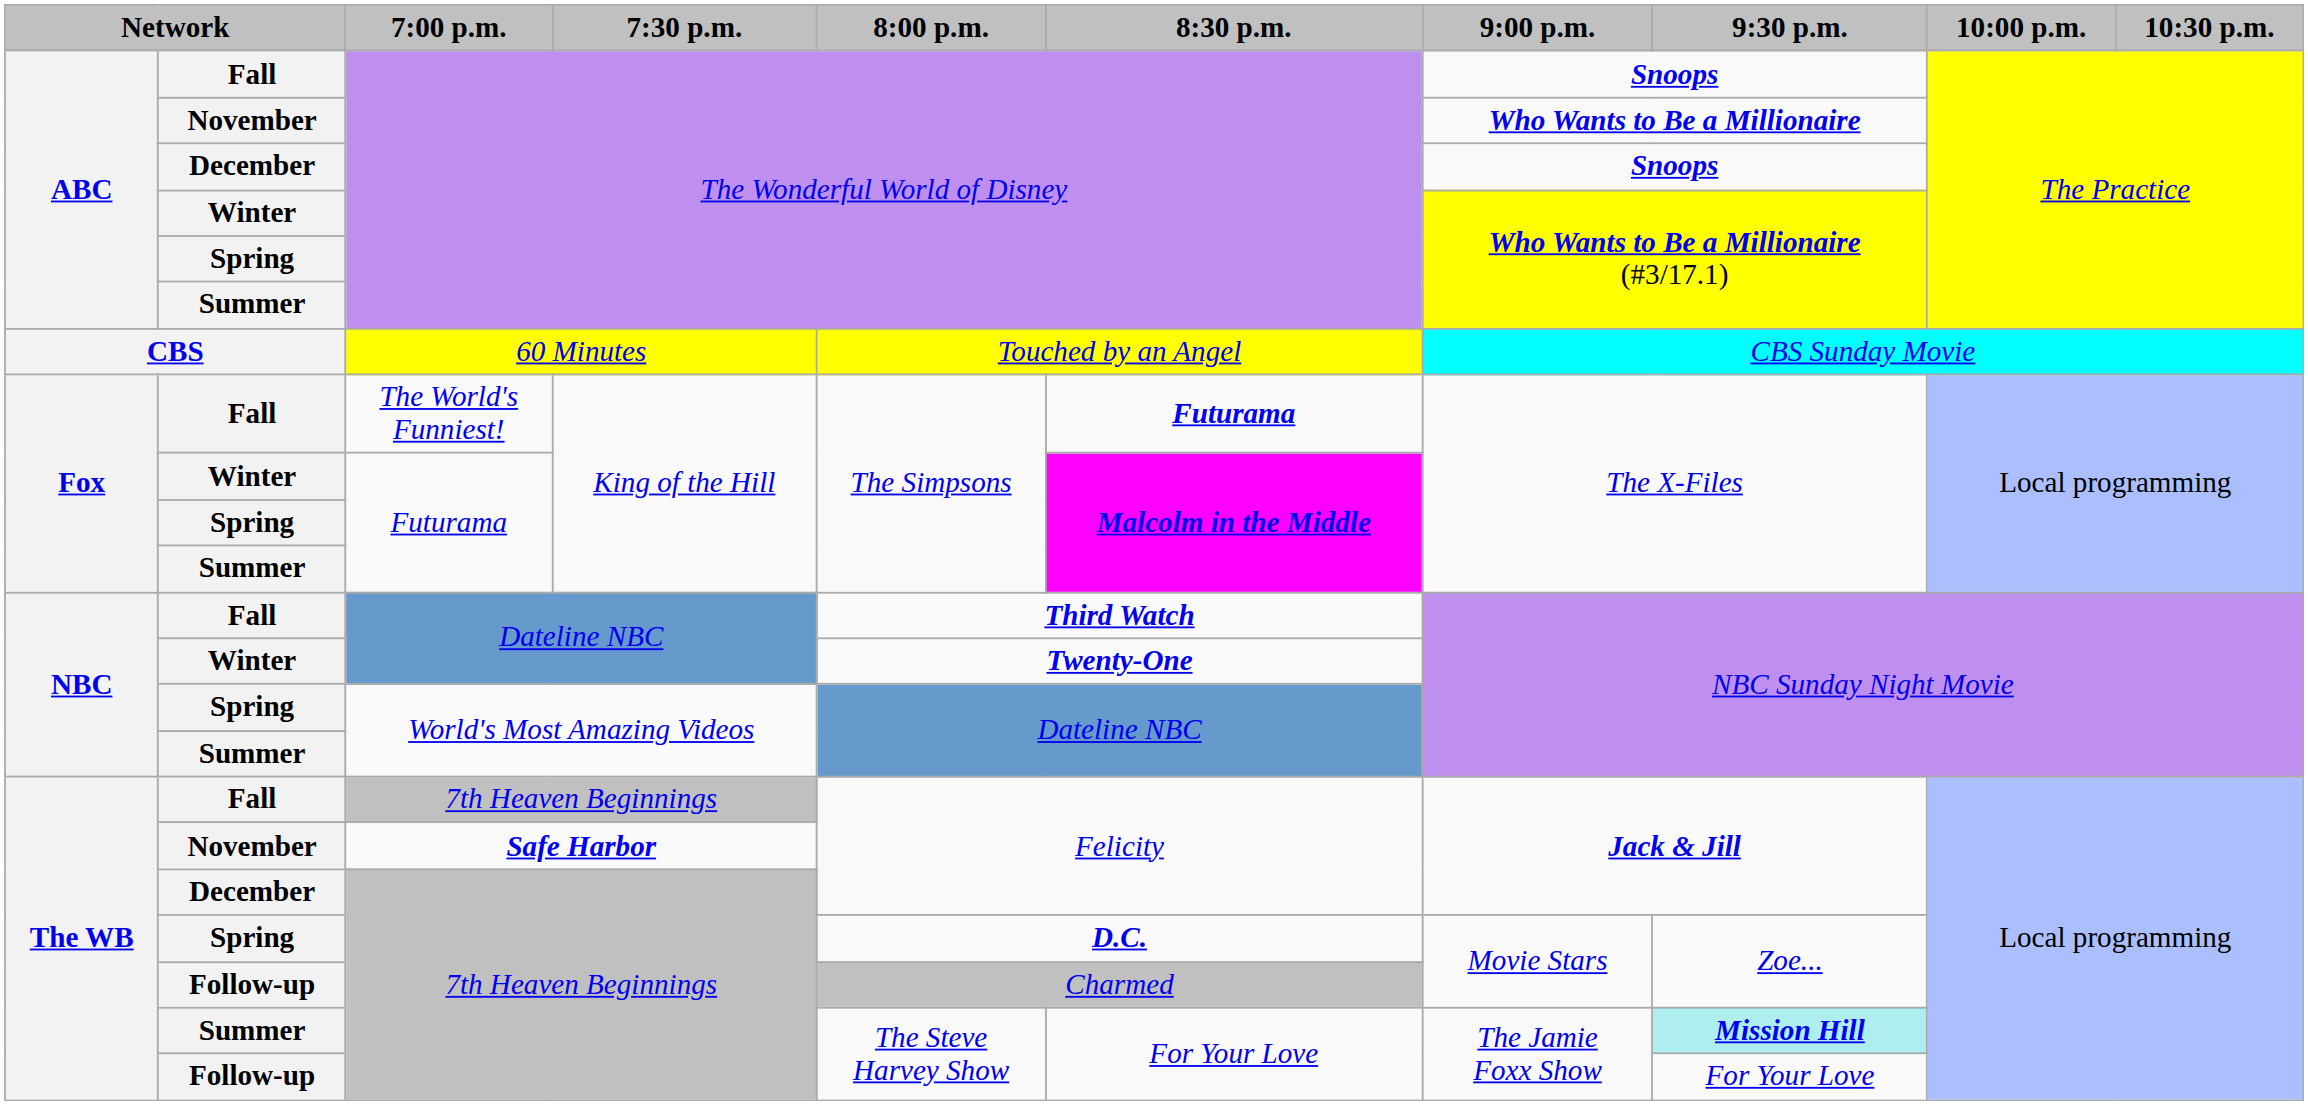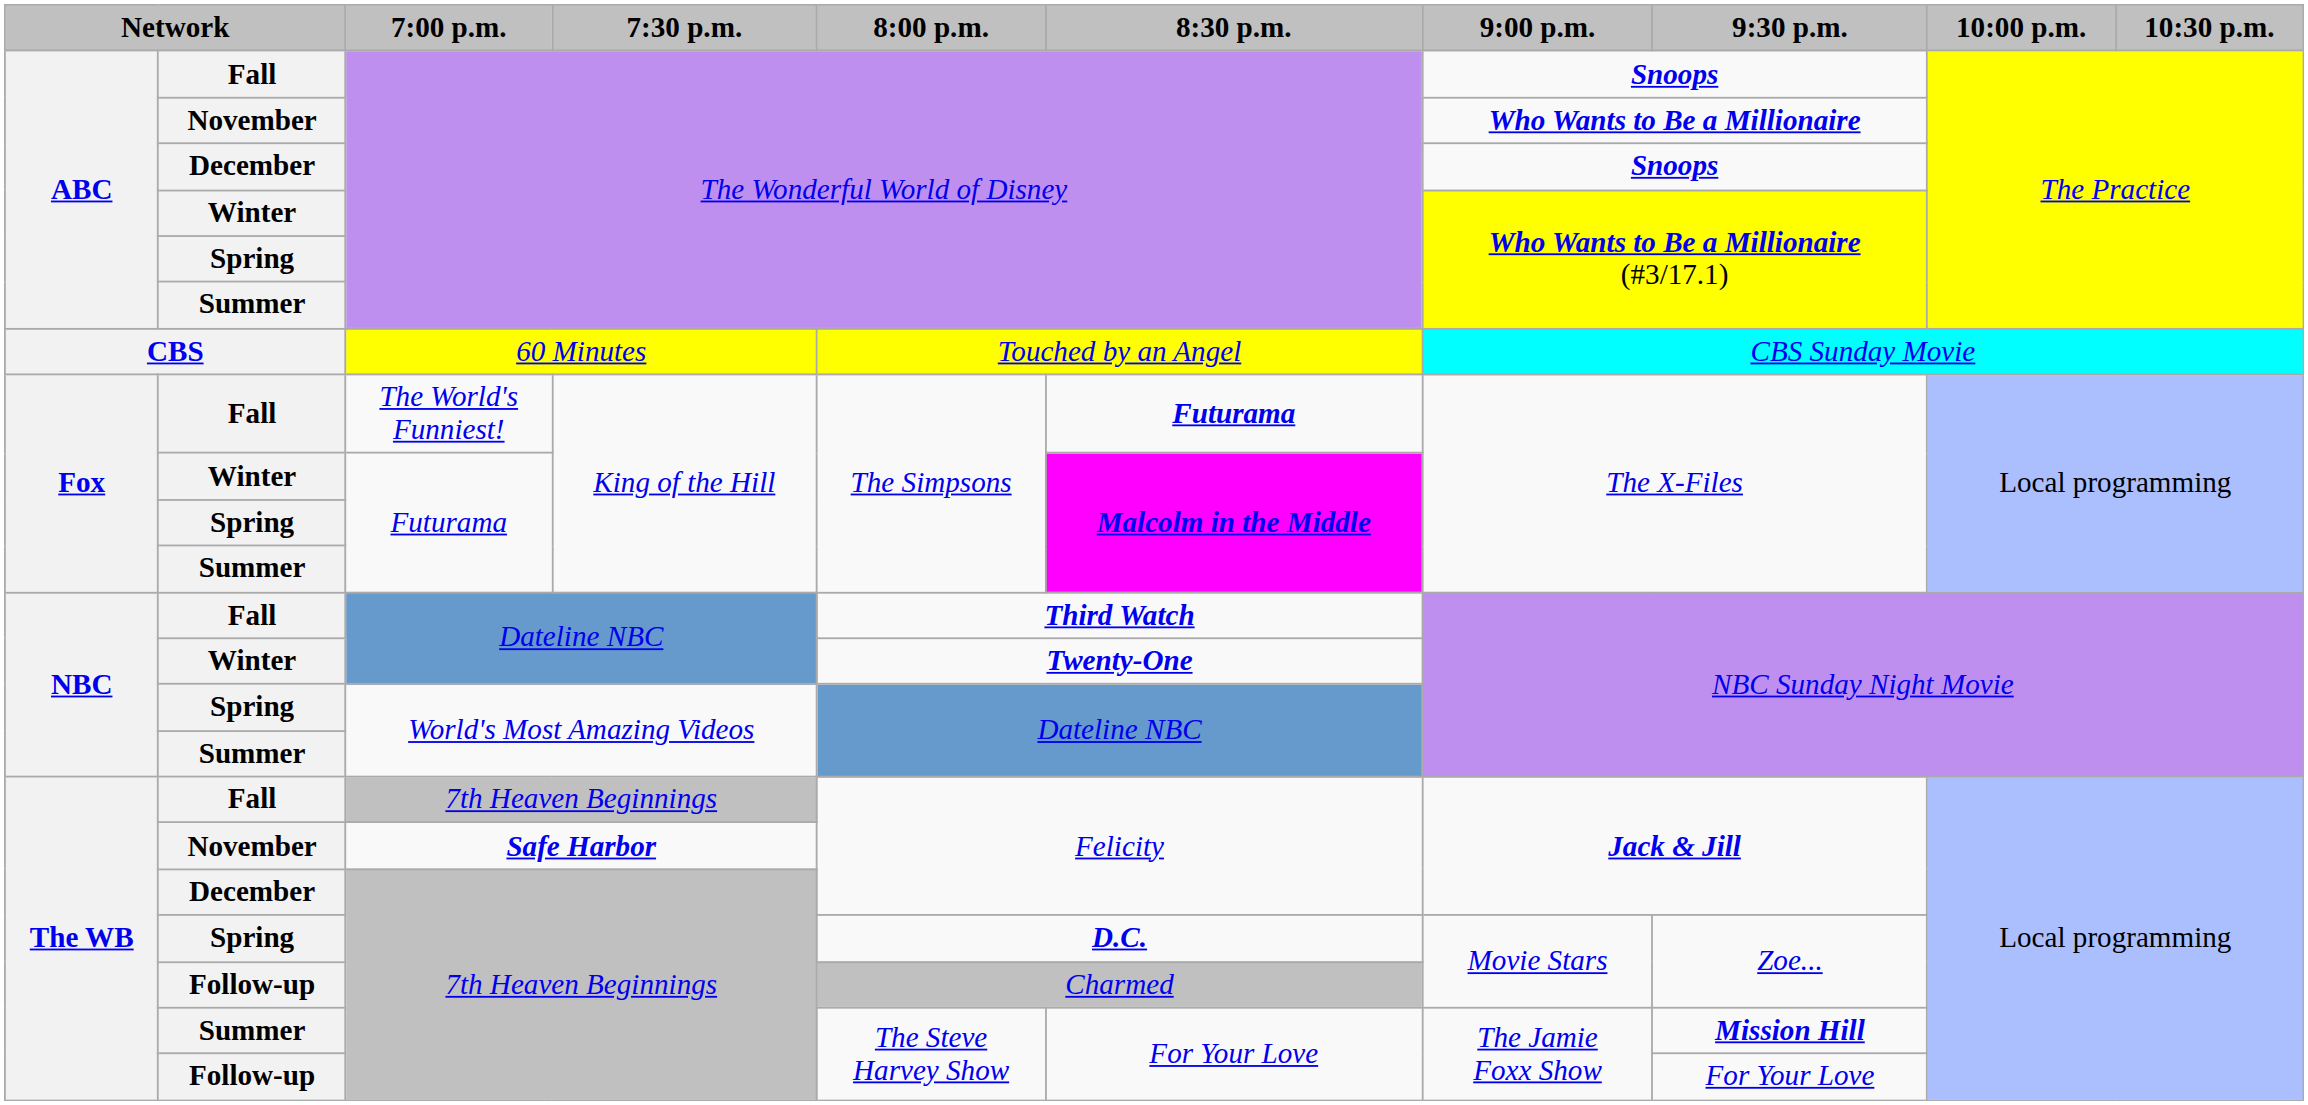 <table class="wikitable" style="width:100%;margin-right:0;text-align:center">
 <tr>
 <th colspan="2" style="background-color:#C0C0C0;text-align:center">Network</th>
 <th style="background-color:#C0C0C0;text-align:center">7:00 p.m.</th>
 <th style="background-color:#C0C0C0;text-align:center">7:30 p.m.</th>
 <th style="background-color:#C0C0C0;text-align:center">8:00 p.m.</th>
 <th style="background-color:#C0C0C0;text-align:center">8:30 p.m.</th>
 <th style="background-color:#C0C0C0;text-align:center">9:00 p.m.</th>
 <th style="background-color:#C0C0C0;text-align:center">9:30 p.m.</th>
 <th style="background-color:#C0C0C0;text-align:center">10:00 p.m.</th>
 <th style="background-color:#C0C0C0;text-align:center">10:30 p.m.</th>
 </tr>
 <tr>
 <th rowspan="6"><a href='#'>ABC</a></th>
 <th>Fall</th>
 <td colspan="4" rowspan="6" style="background:#bf8fef;"><em><a href='#'>The Wonderful World of Disney</a></em></td>
 <td colspan="2"><strong><em><a href='#'>Snoops</a></em></strong></td>
 <td style="background:#FFFF00;" colspan="2" rowspan="6"><em><a href='#'>The Practice</a></em> </td>
 </tr>
 <tr>
 <th>November</th>
 <td colspan="2"><strong><em><a href='#'>Who Wants to Be a Millionaire</a></em></strong></td>
 </tr>
 <tr>
 <th>December</th>
 <td colspan="2"><strong><em><a href='#'>Snoops</a></em></strong></td>
 </tr>
 <tr>
 <th>Winter</th>
 <td style="background:#FFFF00;" colspan="2" rowspan="3"><strong><em><a href='#'>Who Wants to Be a Millionaire</a></em></strong><br>(#3/17.1)</td>
 </tr>
 <tr>
 <th>Spring</th>
 </tr>
 <tr>
 <th>Summer</th>
 </tr>
 <tr>
 <th colspan="2"><a href='#'>CBS</a></th>
 <td style="background:#FFFF00;" colspan="2"><em><a href='#'>60 Minutes</a></em> </td>
 <td style="background:#FFFF00;" colspan="2"><em><a href='#'>Touched by an Angel</a></em> </td>
 <td style="background:#00FFFF;" colspan="4"><em><a href='#'>CBS Sunday Movie</a></em> </td>
 </tr>
 <tr>
 <th rowspan="4"><a href='#'>Fox</a></th>
 <th>Fall</th>
 <td><em><a href='#'>The World's<br>Funniest!</a></em></td>
 <td rowspan="4"><em><a href='#'>King of the Hill</a></em></td>
 <td rowspan="4"><em><a href='#'>The Simpsons</a></em></td>
 <td><strong><em><a href='#'>Futurama</a></em></strong></td>
 <td colspan="2" rowspan="4"><em><a href='#'>The X-Files</a></em></td>
 <td style="background:#abbfff;" colspan="2" rowspan="4">Local programming</td>
 </tr>
 <tr>
 <th>Winter</th>
 <td rowspan="3"><em><a href='#'>Futurama</a></em></td>
 <td rowspan="3" style="background:#FF00FF;"><strong><em><a href='#'>Malcolm in the Middle</a></em></strong> </td>
 </tr>
 <tr>
 <th>Spring</th>
 </tr>
 <tr>
 <th>Summer</th>
 </tr>
 <tr>
 <th rowspan="4"><a href='#'>NBC</a></th>
 <th>Fall</th>
 <td colspan="2" rowspan="2" style="background:#6699CC;"><em><a href='#'>Dateline NBC</a></em></td>
 <td colspan="2"><strong><em><a href='#'>Third Watch</a></em></strong></td>
 <td colspan="4" rowspan="4" style="background:#bf8fef;"><em><a href='#'>NBC Sunday Night Movie</a></em></td>
 </tr>
 <tr>
 <th>Winter</th>
 <td colspan="2"><strong><em><a href='#'>Twenty-One</a></em></strong></td>
 </tr>
 <tr>
 <th>Spring</th>
 <td colspan="2" rowspan="2"><em><a href='#'>World's Most Amazing Videos</a></em></td>
 <td colspan="2" rowspan="2" style="background:#6699CC;"><em><a href='#'>Dateline NBC</a></em></td>
 </tr>
 <tr>
 <th>Summer</th>
 </tr>
 <tr>
 <th rowspan="7"><a href='#'>The WB</a></th>
 <th>Fall</th>
 <td colspan="2" style="background:#C0C0C0;"><em><a href='#'>7th Heaven Beginnings</a></em> </td>
 <td colspan="2" rowspan="3"><em><a href='#'>Felicity</a></em></td>
 <td colspan="2" rowspan="3"><strong><em><a href='#'>Jack & Jill</a></em></strong></td>
 <td style="background:#abbfff;" rowspan="7" colspan="2">Local programming</td>
 </tr>
 <tr>
 <th>November</th>
 <td colspan="2"><strong><em><a href='#'>Safe Harbor</a></em></strong></td>
 </tr>
 <tr>
 <th>December</th>
 <td rowspan="5" colspan="2" style="background:#C0C0C0;"><em><a href='#'>7th Heaven Beginnings</a></em> </td>
 </tr>
 <tr>
 <th>Spring</th>
 <td colspan="2"><strong><em><a href='#'>D.C.</a></em></strong></td>
 <td rowspan="2"><em><a href='#'>Movie Stars</a></em></td>
 <td rowspan="2"><em><a href='#'>Zoe...</a></em></td>
 </tr>
 <tr>
 <th>Follow-up</th>
 <td colspan="2" style="background:#C0C0C0;"><em><a href='#'>Charmed</a></em> </td>
 </tr>
 <tr>
 <th>Summer</th>
 <td rowspan="2"><em><a href='#'>The Steve<br>Harvey Show</a></em></td>
 <td rowspan="2"><em><a href='#'>For Your Love</a></em></td>
 <td rowspan="2"><em><a href='#'>The Jamie<br>Foxx Show</a></em></td>
-<td style="background: paleturquoise;"><strong><em><a href='#'>Mission Hill</a></em></strong></td>
+<td><strong><em><a href='#'>Mission Hill</a></em></strong></td>
 </tr>
 <tr>
 <th>Follow-up</th>
 <td><em><a href='#'>For Your Love</a></em></td>
 </tr>
 </table>
